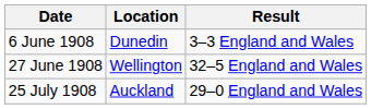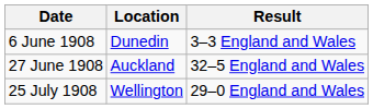 <table class="wikitable" style="align:center;">
 <tr>
 <th>Date</th>
 <th>Location</th>
 <th>Result</th>
 </tr>
 <tr>
 <td>6 June 1908</td>
 <td><a href='#'>Dunedin</a></td>
 <td> 3–3 <a href='#'>England and Wales</a> </td>
 </tr>
 <tr>
 <td>27 June 1908</td>
-<td><a href='#'>Wellington</a></td>
+<td><a href='#'>Auckland</a></td>
 <td> 32–5 <a href='#'>England and Wales</a> </td>
 </tr>
 <tr>
 <td>25 July 1908</td>
-<td><a href='#'>Auckland</a></td>
+<td><a href='#'>Wellington</a></td>
 <td> 29–0 <a href='#'>England and Wales</a> </td>
 </tr>
 </table>
